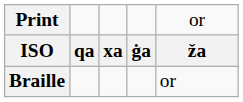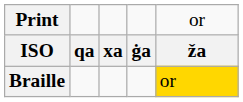 <table class="wikitable">
 <tr>
 <th>Print</th>
 <td></td>
 <td></td>
 <td></td>
 <td>       or       </td>
 </tr>
 <tr>
 <th>ISO</th>
 <th>qa</th>
 <th>xa</th>
 <th>ġa</th>
 <th>ža</th>
 </tr>
 <tr>
 <th>Braille</th>
 <td></td>
 <td></td>
 <td></td>
-<td> or </td>
+<td style="background: gold;"> or </td>
 </tr>
 </table>
